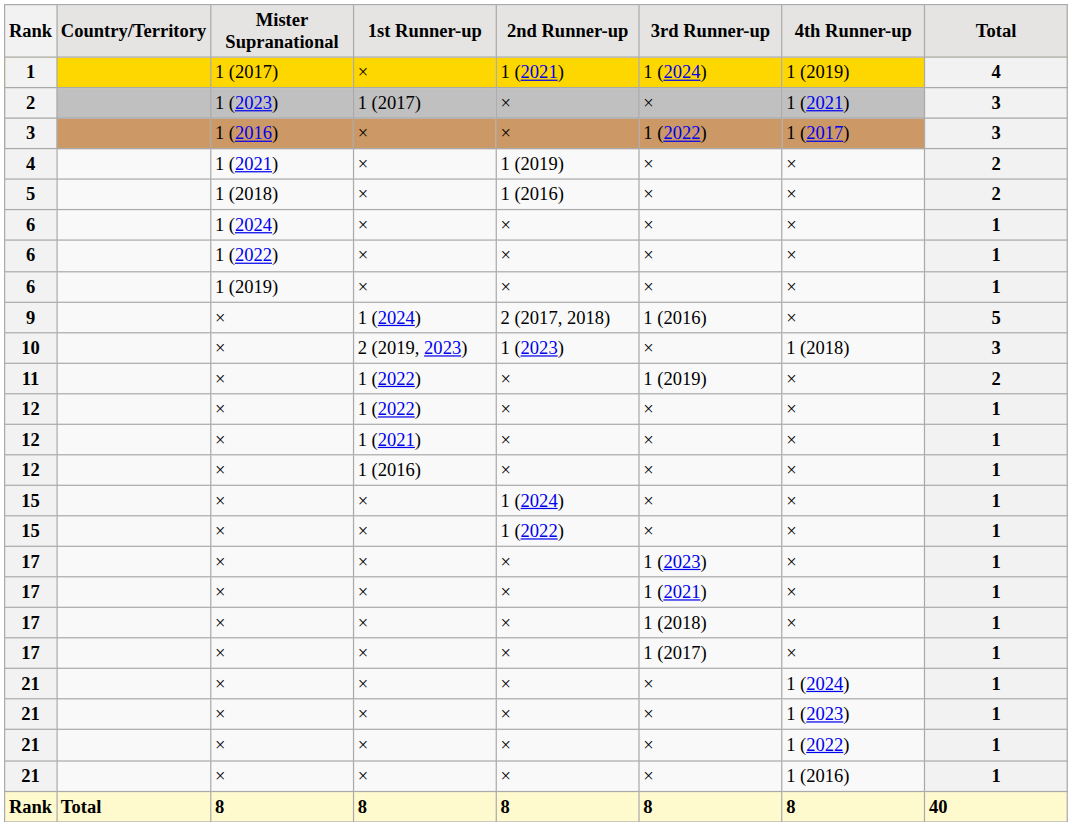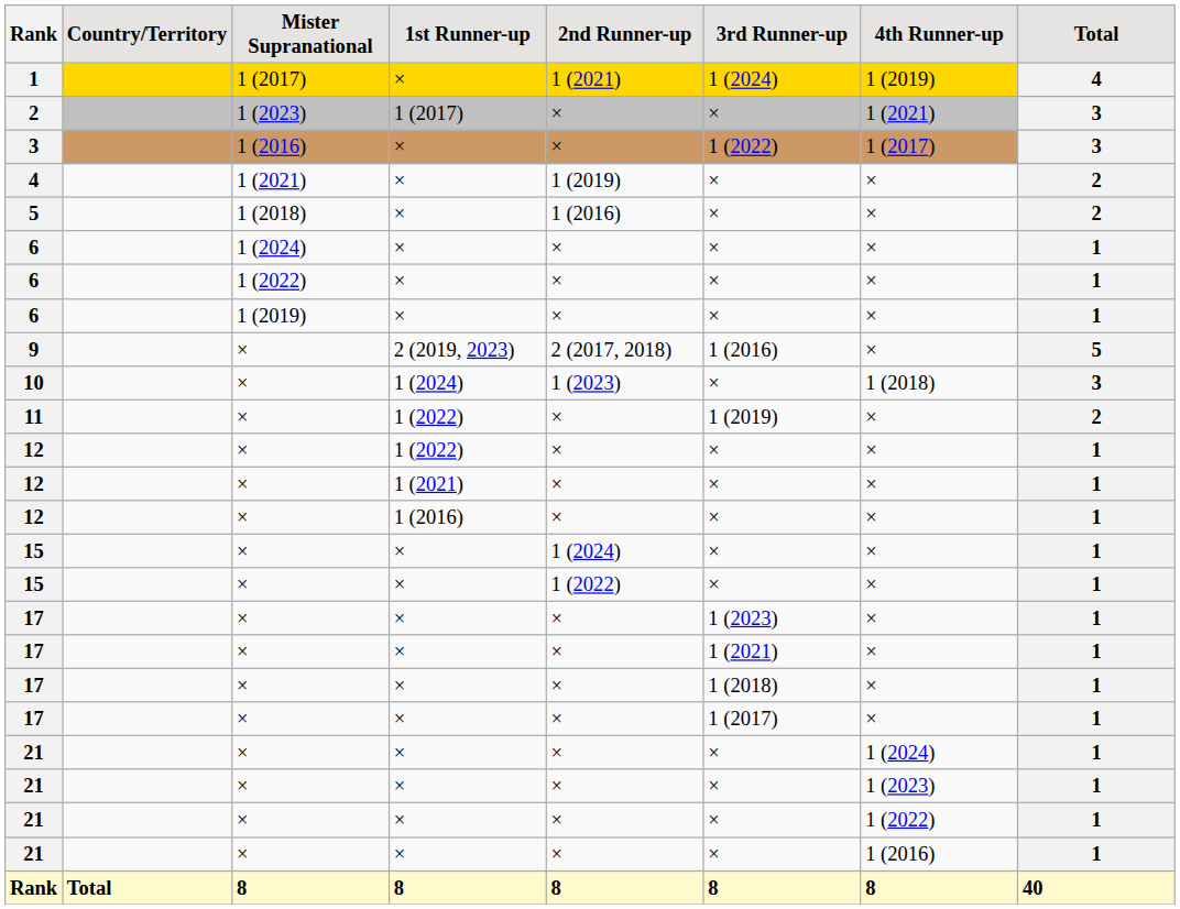 <table class="wikitable" style="font-size: 95%;">
 <tr>
 <th>Rank</th>
 <th style="background:#E5E4E2">Country/Territory</th>
 <th style="background:#E5E4E2"; width="110">Mister Supranational<br></th>
 <th style="background:#E5E4E2"; width="110">1st Runner-up<br></th>
 <th style="background:#E5E4E2"; width="110">2nd Runner-up<br></th>
 <th style="background:#E5E4E2"; width="110">3rd Runner-up<br></th>
 <th style="background:#E5E4E2"; width="110">4th Runner-up<br></th>
 <th style="background:#E5E4E2"; width="110">Total</th>
 </tr>
 <tr style="background:gold;">
 <th>1</th>
 <td><strong></strong></td>
 <td>1 (2017)</td>
 <td>×</td>
 <td>1 (<a href='#'>2021</a>)</td>
 <td>1 (<a href='#'>2024</a>)</td>
 <td>1 (2019)</td>
 <th>4</th>
 </tr>
 <tr style="background:silver;">
 <th>2</th>
 <td><strong></strong></td>
 <td>1 (<a href='#'>2023</a>)</td>
 <td>1 (2017)</td>
 <td>×</td>
 <td>×</td>
 <td>1 (<a href='#'>2021</a>)</td>
 <th>3</th>
 </tr>
 <tr style="background:#c96;">
 <th>3</th>
 <td><strong></strong></td>
 <td>1 (<a href='#'>2016</a>)</td>
 <td>×</td>
 <td>×</td>
 <td>1 (<a href='#'>2022</a>)</td>
 <td>1 (<a href='#'>2017</a>)</td>
 <th>3</th>
 </tr>
 <tr>
 <th>4</th>
 <td><strong></strong></td>
 <td>1 (<a href='#'>2021</a>)</td>
 <td>×</td>
 <td>1 (2019)</td>
 <td>×</td>
 <td>×</td>
 <th>2</th>
 </tr>
 <tr>
 <th>5</th>
 <td><strong></strong></td>
 <td>1 (2018)</td>
 <td>×</td>
 <td>1 (2016)</td>
 <td>×</td>
 <td>×</td>
 <th>2</th>
 </tr>
 <tr>
 <th>6</th>
 <td><strong></strong></td>
 <td>1 (<a href='#'>2024</a>)</td>
 <td>×</td>
 <td>×</td>
 <td>×</td>
 <td>×</td>
 <th>1</th>
 </tr>
 <tr>
 <th>6</th>
 <td><strong></strong></td>
 <td>1 (<a href='#'>2022</a>)</td>
 <td>×</td>
 <td>×</td>
 <td>×</td>
 <td>×</td>
 <th>1</th>
 </tr>
 <tr>
 <th>6</th>
 <td><strong></strong></td>
 <td>1 (2019)</td>
 <td>×</td>
 <td>×</td>
 <td>×</td>
 <td>×</td>
 <th>1</th>
 </tr>
 <tr>
 <th>9</th>
 <td><strong></strong></td>
 <td>×</td>
-<td>1 (<a href='#'>2024</a>)</td>
+<td>2 (2019, <a href='#'>2023</a>)</td>
 <td>2 (2017, 2018)</td>
 <td>1 (2016)</td>
 <td>×</td>
 <th>5</th>
 </tr>
 <tr>
 <th>10</th>
 <td><strong></strong></td>
 <td>×</td>
-<td>2 (2019, <a href='#'>2023</a>)</td>
+<td>1 (<a href='#'>2024</a>)</td>
 <td>1 (<a href='#'>2023</a>)</td>
 <td>×</td>
 <td>1 (2018)</td>
 <th>3</th>
 </tr>
 <tr>
 <th>11</th>
 <td><strong></strong></td>
 <td>×</td>
 <td>1 (<a href='#'>2022</a>)</td>
 <td>×</td>
 <td>1 (2019)</td>
 <td>×</td>
 <th>2</th>
 </tr>
 <tr>
 <th>12</th>
 <td><strong></strong></td>
 <td>×</td>
 <td>1 (<a href='#'>2022</a>)</td>
 <td>×</td>
 <td>×</td>
 <td>×</td>
 <th>1</th>
 </tr>
 <tr>
 <th>12</th>
 <td><strong></strong></td>
 <td>×</td>
 <td>1 (<a href='#'>2021</a>)</td>
 <td>×</td>
 <td>×</td>
 <td>×</td>
 <th>1</th>
 </tr>
 <tr>
 <th>12</th>
 <td><strong></strong></td>
 <td>×</td>
 <td>1 (2016)</td>
 <td>×</td>
 <td>×</td>
 <td>×</td>
 <th>1</th>
 </tr>
 <tr>
 <th>15</th>
 <td><strong></strong></td>
 <td>×</td>
 <td>×</td>
 <td>1 (<a href='#'>2024</a>)</td>
 <td>×</td>
 <td>×</td>
 <th>1</th>
 </tr>
 <tr>
 <th>15</th>
 <td><strong></strong></td>
 <td>×</td>
 <td>×</td>
 <td>1 (<a href='#'>2022</a>)</td>
 <td>×</td>
 <td>×</td>
 <th>1</th>
 </tr>
 <tr>
 <th>17</th>
 <td><strong></strong></td>
 <td>×</td>
 <td>×</td>
 <td>×</td>
 <td>1 (<a href='#'>2023</a>)</td>
 <td>×</td>
 <th>1</th>
 </tr>
 <tr>
 <th>17</th>
 <td><strong></strong></td>
 <td>×</td>
 <td>×</td>
 <td>×</td>
 <td>1 (<a href='#'>2021</a>)</td>
 <td>×</td>
 <th>1</th>
 </tr>
 <tr>
 <th>17</th>
 <td><strong></strong></td>
 <td>×</td>
 <td>×</td>
 <td>×</td>
 <td>1 (2018)</td>
 <td>×</td>
 <th>1</th>
 </tr>
 <tr>
 <th>17</th>
 <td><strong></strong></td>
 <td>×</td>
 <td>×</td>
 <td>×</td>
 <td>1 (2017)</td>
 <td>×</td>
 <th>1</th>
 </tr>
 <tr>
 <th>21</th>
 <td><strong></strong></td>
 <td>×</td>
 <td>×</td>
 <td>×</td>
 <td>×</td>
 <td>1 (<a href='#'>2024</a>)</td>
 <th>1</th>
 </tr>
 <tr>
 <th>21</th>
 <td><strong></strong></td>
 <td>×</td>
 <td>×</td>
 <td>×</td>
 <td>×</td>
 <td>1 (<a href='#'>2023</a>)</td>
 <th>1</th>
 </tr>
 <tr>
 <th>21</th>
 <td><strong></strong></td>
 <td>×</td>
 <td>×</td>
 <td>×</td>
 <td>×</td>
 <td>1 (<a href='#'>2022</a>)</td>
 <th>1</th>
 </tr>
 <tr>
 <th>21</th>
 <td><strong></strong></td>
 <td>×</td>
 <td>×</td>
 <td>×</td>
 <td>×</td>
 <td>1 (2016)</td>
 <th>1</th>
 </tr>
 <tr style="background: #FFFACD;">
 <td><strong>Rank</strong></td>
 <td><strong>Total</strong></td>
 <td><strong>8</strong></td>
 <td><strong>8</strong></td>
 <td><strong>8</strong></td>
 <td><strong>8</strong></td>
 <td><strong>8</strong></td>
 <td><strong>40</strong></td>
 </tr>
 </table>
